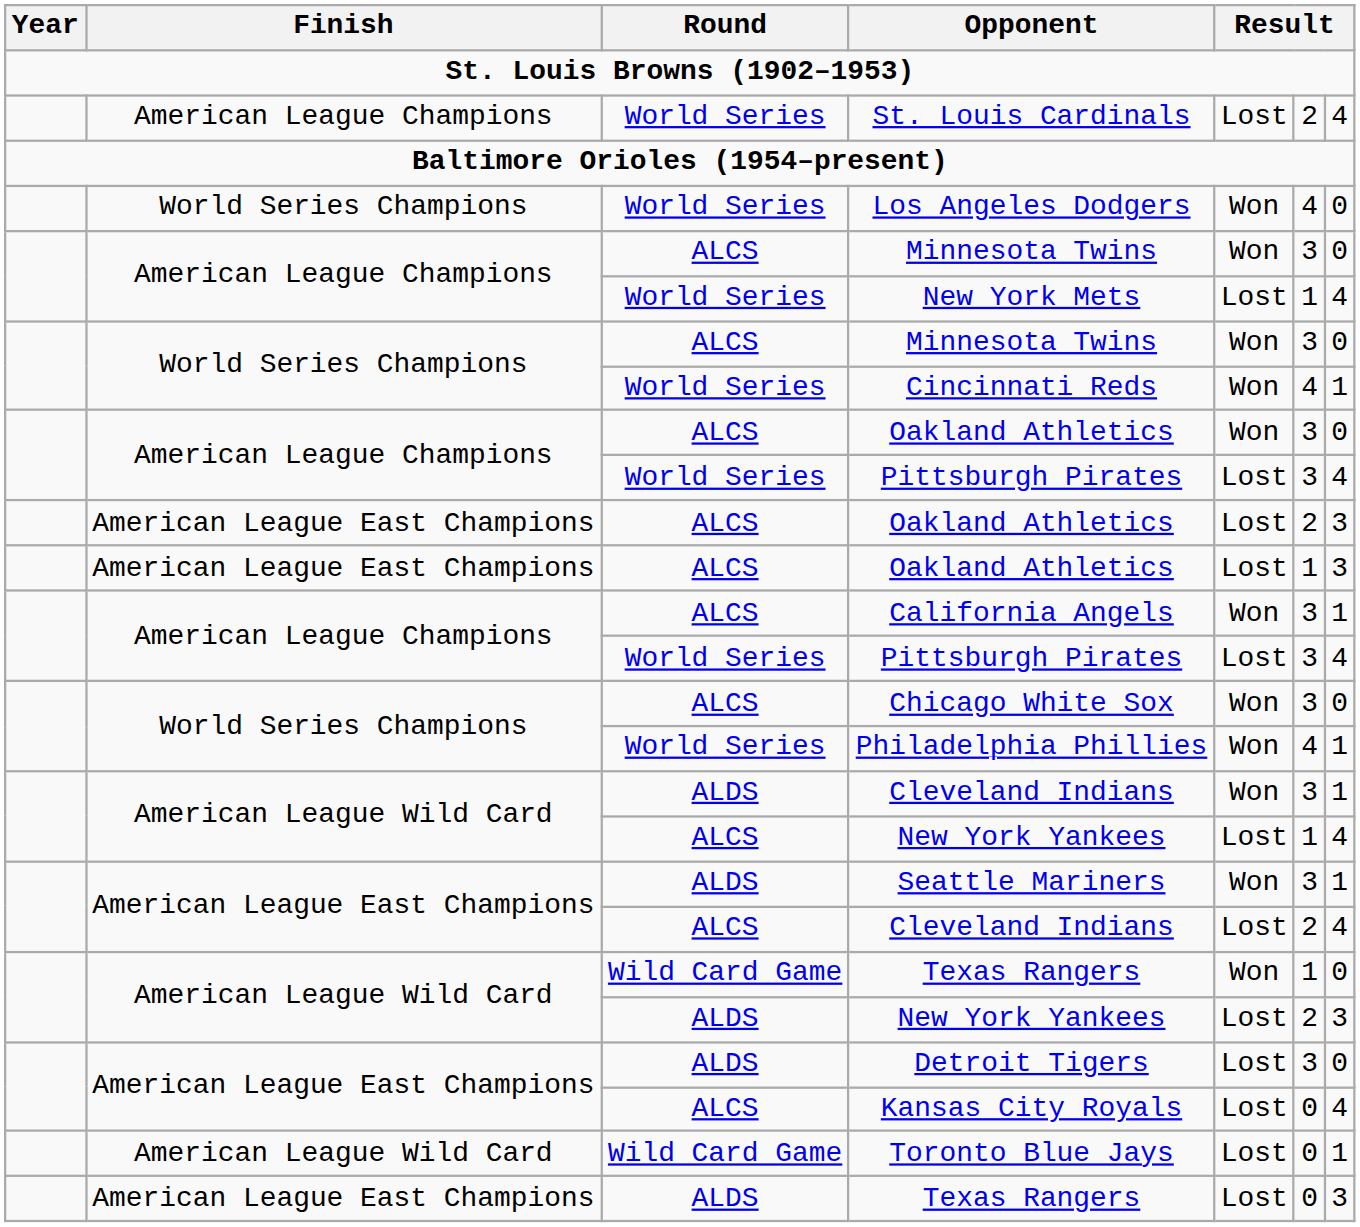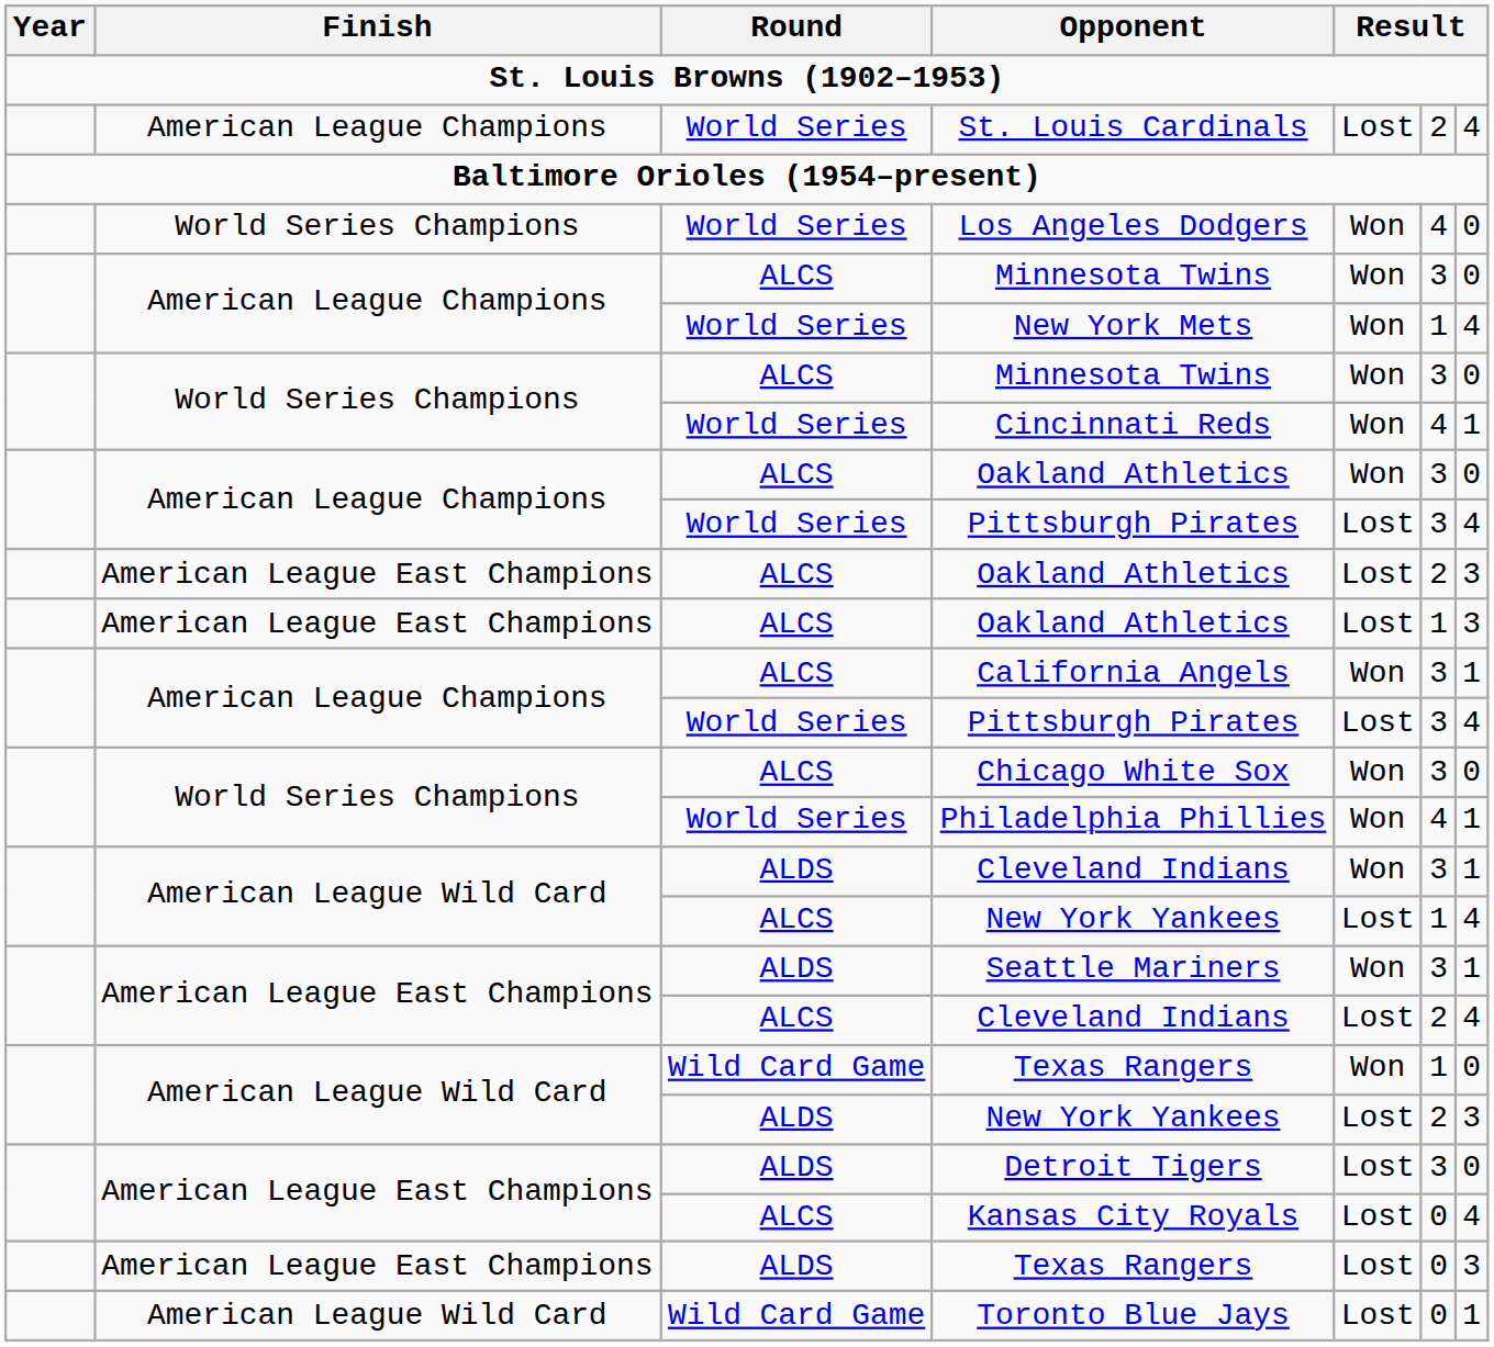 <table class="wikitable plainrowheaders" style="font-size:95%; text-align:center;">
 <tr>
 <th>Year</th>
 <th>Finish</th>
 <th>Round</th>
 <th>Opponent</th>
 <th colspan=3>Result</th>
 </tr>
 <tr>
 <td colspan="7"><strong>St. Louis Browns (1902–1953)</strong></td>
 </tr>
 <tr>
 <td align="center"></td>
 <td align="center">American League Champions</td>
 <td align="center"><a href='#'>World Series</a></td>
 <td align="center"><a href='#'>St. Louis Cardinals</a></td>
 <td align="center">Lost</td>
 <td align="center">2</td>
 <td align="center">4</td>
 </tr>
 <tr>
 <td colspan="7"><strong>Baltimore Orioles (1954–present)</strong></td>
 </tr>
 <tr>
 <td align="center"></td>
 <td align="center">World Series Champions</td>
 <td align="center"><a href='#'>World Series</a></td>
 <td align="center"><a href='#'>Los Angeles Dodgers</a></td>
 <td align="center">Won</td>
 <td align="center">4</td>
 <td align="center">0</td>
 </tr>
 <tr>
 <td align="center" rowspan="2"></td>
 <td align="center" rowspan="2">American League Champions</td>
 <td align="center"><a href='#'>ALCS</a></td>
 <td align="center"><a href='#'>Minnesota Twins</a></td>
 <td align="center">Won</td>
 <td align="center">3</td>
 <td align="center">0</td>
 </tr>
 <tr>
 <td align="center"><a href='#'>World Series</a></td>
 <td align="center"><a href='#'>New York Mets</a></td>
-<td align="center">Lost</td>
+<td align="center">Won</td>
 <td align="center">1</td>
 <td align="center">4</td>
 </tr>
 <tr>
 <td align="center" rowspan="2"></td>
 <td align="center" rowspan="2">World Series Champions</td>
 <td align="center"><a href='#'>ALCS</a></td>
 <td align="center"><a href='#'>Minnesota Twins</a></td>
 <td align="center">Won</td>
 <td align="center">3</td>
 <td align="center">0</td>
 </tr>
 <tr>
 <td align="center"><a href='#'>World Series</a></td>
 <td align="center"><a href='#'>Cincinnati Reds</a></td>
 <td align="center">Won</td>
 <td align="center">4</td>
 <td align="center">1</td>
 </tr>
 <tr>
 <td align="center" rowspan="2"></td>
 <td align="center" rowspan="2">American League Champions</td>
 <td align="center"><a href='#'>ALCS</a></td>
 <td align="center"><a href='#'>Oakland Athletics</a></td>
 <td align="center">Won</td>
 <td align="center">3</td>
 <td align="center">0</td>
 </tr>
 <tr>
 <td align="center"><a href='#'>World Series</a></td>
 <td align="center"><a href='#'>Pittsburgh Pirates</a></td>
 <td align="center">Lost</td>
 <td align="center">3</td>
 <td align="center">4</td>
 </tr>
 <tr>
 <td align="center"></td>
 <td align="center">American League East Champions</td>
 <td align="center"><a href='#'>ALCS</a></td>
 <td align="center"><a href='#'>Oakland Athletics</a></td>
 <td align="center">Lost</td>
 <td align="center">2</td>
 <td align="center">3</td>
 </tr>
 <tr>
 <td align="center"></td>
 <td align="center">American League East Champions</td>
 <td align="center"><a href='#'>ALCS</a></td>
 <td align="center"><a href='#'>Oakland Athletics</a></td>
 <td align="center">Lost</td>
 <td align="center">1</td>
 <td align="center">3</td>
 </tr>
 <tr>
 <td align="center" rowspan="2"></td>
 <td align="center" rowspan="2">American League Champions</td>
 <td align="center"><a href='#'>ALCS</a></td>
 <td align="center"><a href='#'>California Angels</a></td>
 <td align="center">Won</td>
 <td align="center">3</td>
 <td align="center">1</td>
 </tr>
 <tr>
 <td align="center"><a href='#'>World Series</a></td>
 <td align="center"><a href='#'>Pittsburgh Pirates</a></td>
 <td align="center">Lost</td>
 <td align="center">3</td>
 <td align="center">4</td>
 </tr>
 <tr>
 <td align="center" rowspan="2"></td>
 <td align="center" rowspan="2">World Series Champions</td>
 <td align="center"><a href='#'>ALCS</a></td>
 <td align="center"><a href='#'>Chicago White Sox</a></td>
 <td align="center">Won</td>
 <td align="center">3</td>
 <td align="center">0</td>
 </tr>
 <tr>
 <td align="center"><a href='#'>World Series</a></td>
 <td align="center"><a href='#'>Philadelphia Phillies</a></td>
 <td align="center">Won</td>
 <td align="center">4</td>
 <td align="center">1</td>
 </tr>
 <tr>
 <td align="center" rowspan="2"></td>
 <td align="center" rowspan="2">American League Wild Card</td>
 <td align="center"><a href='#'>ALDS</a></td>
 <td align="center"><a href='#'>Cleveland Indians</a></td>
 <td align="center">Won</td>
 <td align="center">3</td>
 <td align="center">1</td>
 </tr>
 <tr>
 <td align="center"><a href='#'>ALCS</a></td>
 <td align="center"><a href='#'>New York Yankees</a></td>
 <td align="center">Lost</td>
 <td align="center">1</td>
 <td align="center">4</td>
 </tr>
 <tr>
 <td align="center" rowspan="2"></td>
 <td align="center" rowspan="2">American League East Champions</td>
 <td align="center"><a href='#'>ALDS</a></td>
 <td align="center"><a href='#'>Seattle Mariners</a></td>
 <td align="center">Won</td>
 <td align="center">3</td>
 <td align="center">1</td>
 </tr>
 <tr>
 <td align="center"><a href='#'>ALCS</a></td>
 <td align="center"><a href='#'>Cleveland Indians</a></td>
 <td align="center">Lost</td>
 <td align="center">2</td>
 <td align="center">4</td>
 </tr>
 <tr>
 <td align="center" rowspan="2"></td>
 <td align="center" rowspan="2">American League Wild Card</td>
 <td align="center"><a href='#'>Wild Card Game</a></td>
 <td align="center"><a href='#'>Texas Rangers</a></td>
 <td align="center">Won</td>
 <td align="center">1</td>
 <td align="center">0</td>
 </tr>
 <tr>
 <td align="center"><a href='#'>ALDS</a></td>
 <td align="center"><a href='#'>New York Yankees</a></td>
 <td align="center">Lost</td>
 <td align="center">2</td>
 <td align="center">3</td>
 </tr>
 <tr>
 <td align="center" rowspan="2"></td>
 <td align="center" rowspan="2">American League East Champions</td>
 <td align="center"><a href='#'>ALDS</a></td>
 <td align="center"><a href='#'>Detroit Tigers</a></td>
 <td align="center">Lost</td>
 <td align="center">3</td>
 <td align="center">0</td>
 </tr>
 <tr>
 <td align="center"><a href='#'>ALCS</a></td>
 <td align="center"><a href='#'>Kansas City Royals</a></td>
 <td align="center">Lost</td>
 <td align="center">0</td>
 <td align="center">4</td>
 </tr>
 <tr>
 <td align="center"></td>
+<td align="center">American League East Champions</td>
+<td align="center"><a href='#'>ALDS</a></td>
+<td align="center"><a href='#'>Texas Rangers</a></td>
+<td align="center">Lost</td>
+<td align="center">0</td>
+<td align="center">3</td>
+</tr>
+<tr>
+<td align="center"></td>
 <td align="center">American League Wild Card</td>
 <td align="center"><a href='#'>Wild Card Game</a></td>
 <td align="center"><a href='#'>Toronto Blue Jays</a></td>
 <td align="center">Lost</td>
 <td align="center">0</td>
 <td align="center">1</td>
 </tr>
-<tr>
-<td align="center"></td>
-<td align="center">American League East Champions</td>
-<td align="center"><a href='#'>ALDS</a></td>
-<td align="center"><a href='#'>Texas Rangers</a></td>
-<td align="center">Lost</td>
-<td align="center">0</td>
-<td align="center">3</td>
-</tr>
 </table>
